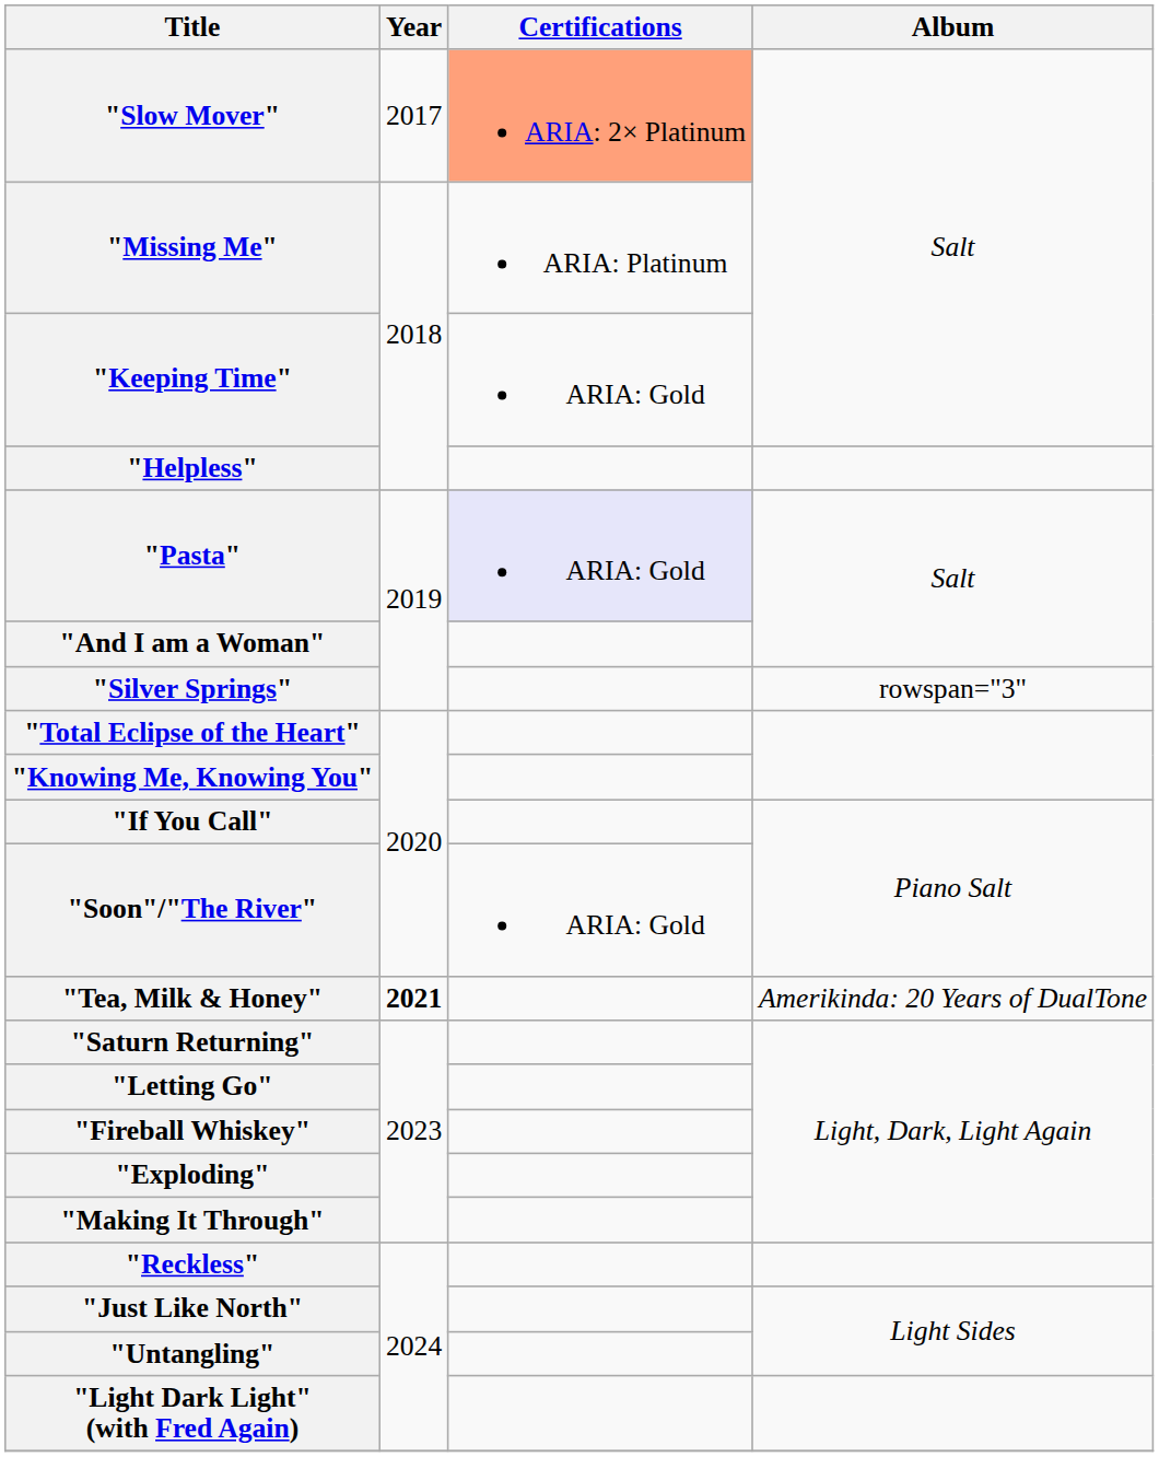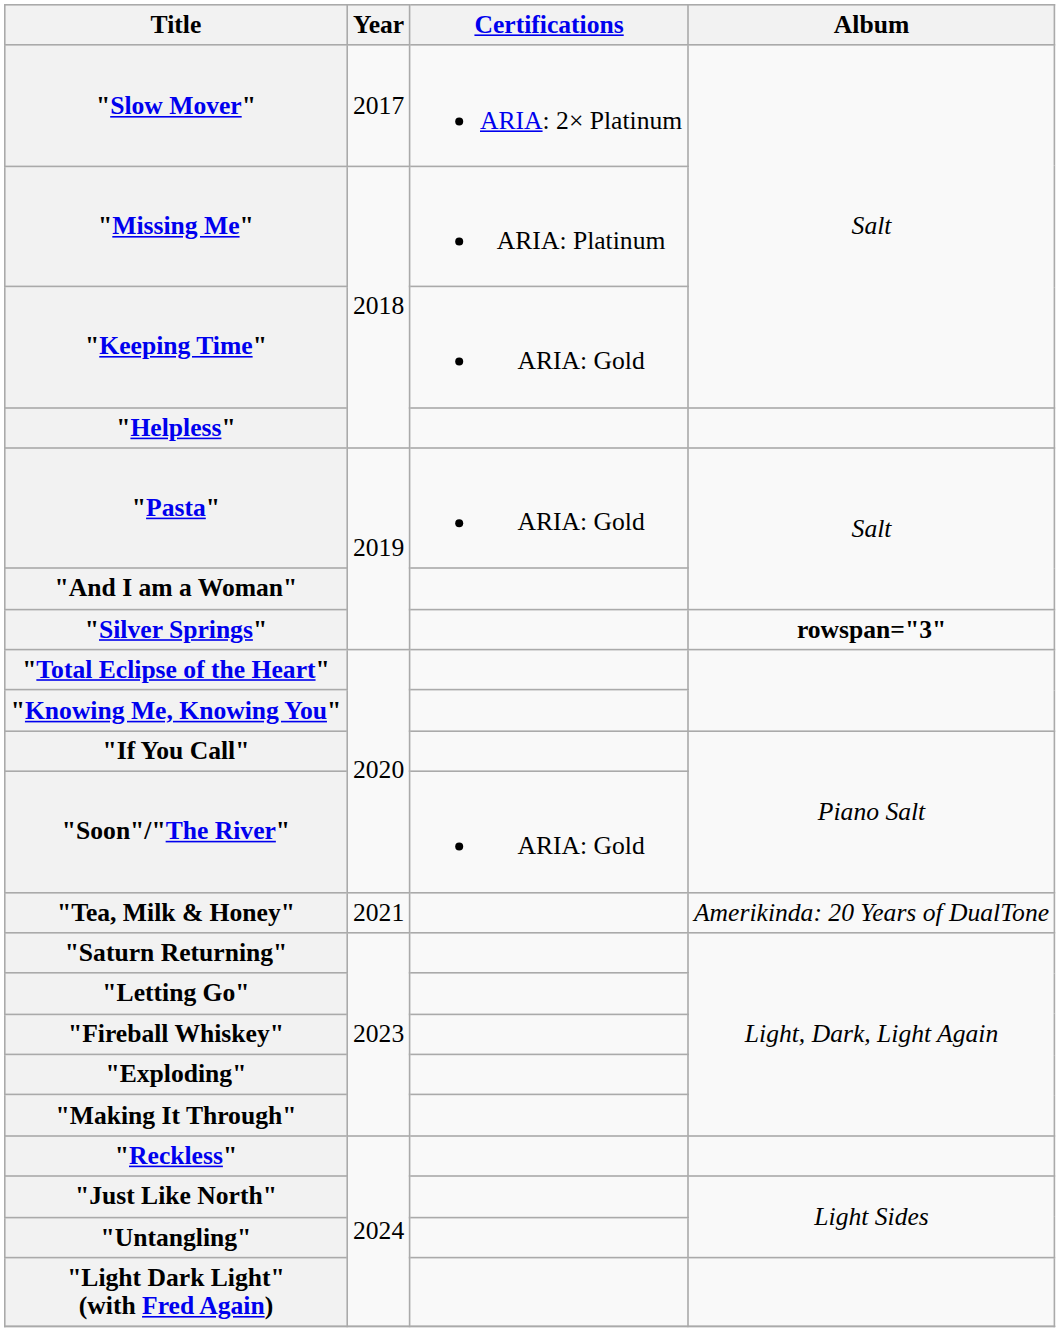 <table class="wikitable plainrowheaders" style="text-align:center;">
 <tr>
 <th scope="col">Title</th>
 <th scope="col">Year</th>
 <th scope="col"><a href='#'>Certifications</a></th>
 <th scope="col">Album</th>
 </tr>
 <tr>
 <th scope="row">"<a href='#'>Slow Mover</a>"</th>
 <td>2017</td>
-<td style="background: lightsalmon;"><br><ul><li><a href='#'>ARIA</a>: 2× Platinum</li></ul></td>
+<td><br><ul><li><a href='#'>ARIA</a>: 2× Platinum</li></ul></td>
 <td rowspan="3"><em>Salt</em></td>
 </tr>
 <tr>
 <th scope="row">"<a href='#'>Missing Me</a>"</th>
 <td rowspan="3">2018</td>
 <td><br><ul><li>ARIA: Platinum</li></ul></td>
 </tr>
 <tr>
 <th scope="row">"<a href='#'>Keeping Time</a>"</th>
 <td><br><ul><li>ARIA: Gold</li></ul></td>
 </tr>
 <tr>
 <th scope="row">"<a href='#'>Helpless</a>"<br></th>
 <td></td>
 <td></td>
 </tr>
 <tr>
 <th scope="row">"<a href='#'>Pasta</a>"</th>
 <td rowspan="3">2019</td>
-<td style="background: lavender;"><br><ul><li>ARIA: Gold</li></ul></td>
+<td><br><ul><li>ARIA: Gold</li></ul></td>
 <td rowspan="2"><em>Salt</em></td>
 </tr>
 <tr>
 <th scope="row">"And I am a Woman"</th>
 <td></td>
 </tr>
 <tr>
 <th scope="row">"<a href='#'>Silver Springs</a>"</th>
 <td></td>
-<td>rowspan="3" </td>
+<td><strong>rowspan="3" </strong></td>
 </tr>
 <tr>
 <th scope="row">"<a href='#'>Total Eclipse of the Heart</a>"</th>
 <td rowspan="4">2020</td>
 <td></td>
 </tr>
 <tr>
 <th scope="row">"<a href='#'>Knowing Me, Knowing You</a>"<br></th>
 <td></td>
 </tr>
 <tr>
 <th scope="row">"If You Call"<br></th>
 <td></td>
 <td rowspan="2"><em>Piano Salt</em></td>
 </tr>
 <tr>
 <th scope="row">"Soon"/"<a href='#'>The River</a>" </th>
 <td><br><ul><li>ARIA: Gold</li></ul></td>
 </tr>
 <tr>
 <th scope="row">"Tea, Milk & Honey"</th>
-<td><strong>2021</strong></td>
+<td>2021</td>
 <td></td>
 <td><em>Amerikinda: 20 Years of DualTone</em></td>
 </tr>
 <tr>
 <th scope="row">"Saturn Returning"</th>
 <td rowspan="5">2023</td>
 <td></td>
 <td rowspan="5"><em>Light, Dark, Light Again</em></td>
 </tr>
 <tr>
 <th scope="row">"Letting Go"</th>
 <td></td>
 </tr>
 <tr>
 <th scope="row">"Fireball Whiskey"</th>
 <td></td>
 </tr>
 <tr>
 <th scope="row">"Exploding"</th>
 <td></td>
 </tr>
 <tr>
 <th scope="row">"Making It Through"</th>
 <td></td>
 </tr>
 <tr>
 <th scope="row">"<a href='#'>Reckless</a>"<br></th>
 <td rowspan="4">2024</td>
 <td></td>
 <td></td>
 </tr>
 <tr>
 <th scope="row">"Just Like North"</th>
 <td></td>
 <td rowspan="2"><em>Light Sides</em></td>
 </tr>
 <tr>
 <th scope="row">"Untangling"</th>
 <td></td>
 </tr>
 <tr>
 <th scope="row">"Light Dark Light"<br><span>(with <a href='#'>Fred Again</a>)</span></th>
 <td></td>
 <td></td>
 </tr>
 <tr>
 </tr>
 </table>
